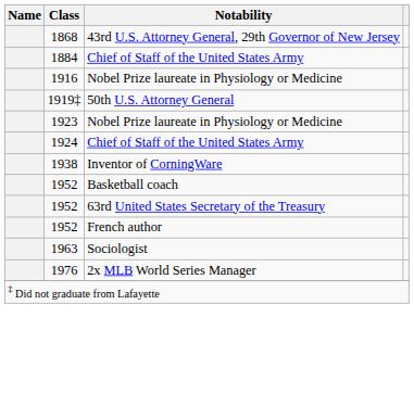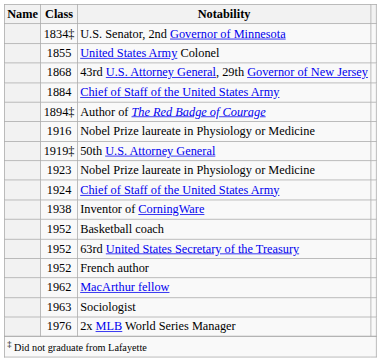 <table class="wikitable sortable plainrowheaders floatleft" style="border:2px solid #">
 <tr>
 <th scope="col">Name</th>
 <th scope="col">Class</th>
 <th scope="col">Notability</th>
 <th scope="col"></th>
+</tr>
+<tr>
+<th scope="row"></th>
+<td style="text-align:center;">1834‡</td>
+<td>U.S. Senator, 2nd <a href='#'>Governor of Minnesota</a></td>
+<td style="text-align:center;"></td>
+</tr>
+<tr>
+<th scope="row"></th>
+<td style="text-align:center;">1855</td>
+<td><a href='#'>United States Army</a> Colonel</td>
+<td style="text-align:center;"></td>
 </tr>
 <tr>
 <th scope="row"></th>
 <td style="text-align:center;">1868</td>
 <td>43rd <a href='#'>U.S. Attorney General</a>, 29th <a href='#'>Governor of New Jersey</a></td>
 <td style="text-align:center;"></td>
 </tr>
 <tr>
 <th scope="row"></th>
 <td style="text-align:center;">1884</td>
 <td><a href='#'>Chief of Staff of the United States Army</a></td>
+<td style="text-align:center;"></td>
+</tr>
+<tr>
+<th scope="row"></th>
+<td style="text-align:center;">1894‡</td>
+<td>Author of <em><a href='#'>The Red Badge of Courage</a></em></td>
 <td style="text-align:center;"></td>
 </tr>
 <tr>
 <th scope="row"></th>
 <td style="text-align:center;">1916</td>
 <td>Nobel Prize laureate in Physiology or Medicine</td>
 <td style="text-align:center;"></td>
 </tr>
 <tr>
 <th scope="row"></th>
 <td style="text-align:center;">1919‡</td>
 <td>50th <a href='#'>U.S. Attorney General</a></td>
 <td style="text-align:center;"></td>
 </tr>
 <tr>
 <th scope="row"></th>
 <td style="text-align:center;">1923</td>
 <td>Nobel Prize laureate in Physiology or Medicine</td>
 <td style="text-align:center;"></td>
 </tr>
 <tr>
 <th scope="row"></th>
 <td style="text-align:center;">1924</td>
 <td><a href='#'>Chief of Staff of the United States Army</a></td>
 <td style="text-align:center;"></td>
 </tr>
 <tr>
 <th scope="row"></th>
 <td style="text-align:center;">1938</td>
 <td>Inventor of <a href='#'>CorningWare</a></td>
 <td style="text-align:center;"></td>
 </tr>
 <tr>
 <th scope="row"></th>
 <td style="text-align:center;">1952</td>
 <td>Basketball coach</td>
 <td style="text-align:center;"></td>
 </tr>
 <tr>
 <th scope="row"></th>
 <td style="text-align:center;">1952</td>
 <td>63rd <a href='#'>United States Secretary of the Treasury</a></td>
 <td style="text-align:center;"></td>
 </tr>
 <tr>
 <th scope="row"></th>
 <td style="text-align:center;">1952</td>
 <td>French author</td>
 <td style="text-align:center;"></td>
 </tr>
 <tr>
 <th scope="row"></th>
+<td style="text-align:center;">1962</td>
+<td><a href='#'>MacArthur fellow</a></td>
+<td style="text-align:center;"></td>
+</tr>
+<tr>
+<th scope="row"></th>
 <td style="text-align:center;">1963</td>
 <td>Sociologist</td>
 <td style="text-align:center;"></td>
 </tr>
 <tr>
 <th scope="row"></th>
 <td style="text-align:center;">1976</td>
 <td>2x <a href='#'>MLB</a> World Series Manager</td>
 <td style="text-align:center;"></td>
 </tr>
 <tr>
 </tr>
 <tr class="sortbottom">
 <td colspan="4"><small><sup>‡</sup> Did not graduate from Lafayette</small></td>
 </tr>
 </table>
